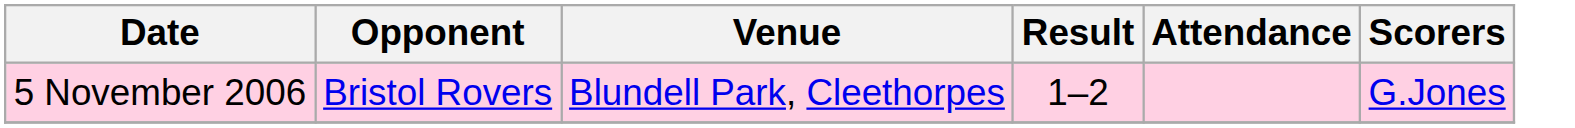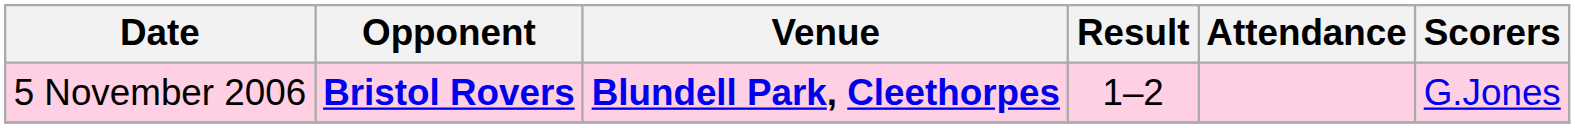 <table class="wikitable" style="text-align:center">
 <tr>
 <th>Date</th>
 <th>Opponent</th>
 <th>Venue</th>
 <th>Result</th>
 <th>Attendance</th>
 <th>Scorers</th>
 </tr>
 <tr bgcolor="#ffd0e3">
 <td>5 November 2006</td>
-<td><a href='#'>Bristol Rovers</a></td>
-<td><a href='#'>Blundell Park</a>, <a href='#'>Cleethorpes</a></td>
+<td><strong><a href='#'>Bristol Rovers</a></strong></td>
+<td><strong><a href='#'>Blundell Park</a>, <a href='#'>Cleethorpes</a></strong></td>
 <td>1–2</td>
 <td></td>
 <td><a href='#'>G.Jones</a></td>
 </tr>
 <tr>
 </tr>
 </table>
